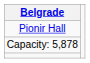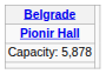 <table class="wikitable" style="text-align:center">
 <tr>
 <th><a href='#'>Belgrade</a></th>
 <td rowspan=4></td>
 </tr>
 <tr>
-<td><a href='#'>Pionir Hall</a></td>
+<td><strong><a href='#'>Pionir Hall</a></strong></td>
 </tr>
 <tr>
 <td>Capacity: 5,878</td>
 </tr>
 <tr>
 <td></td>
 </tr>
 </table>
